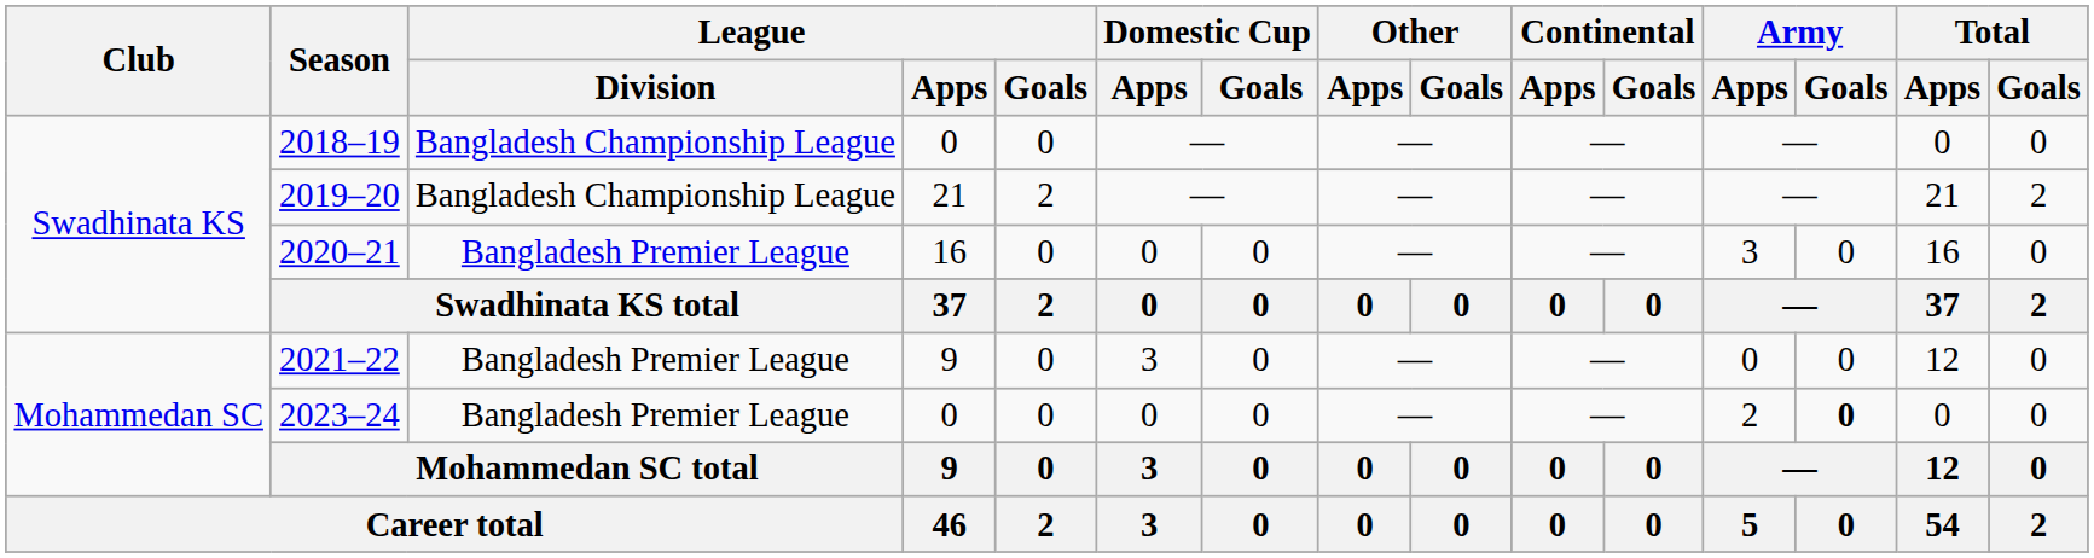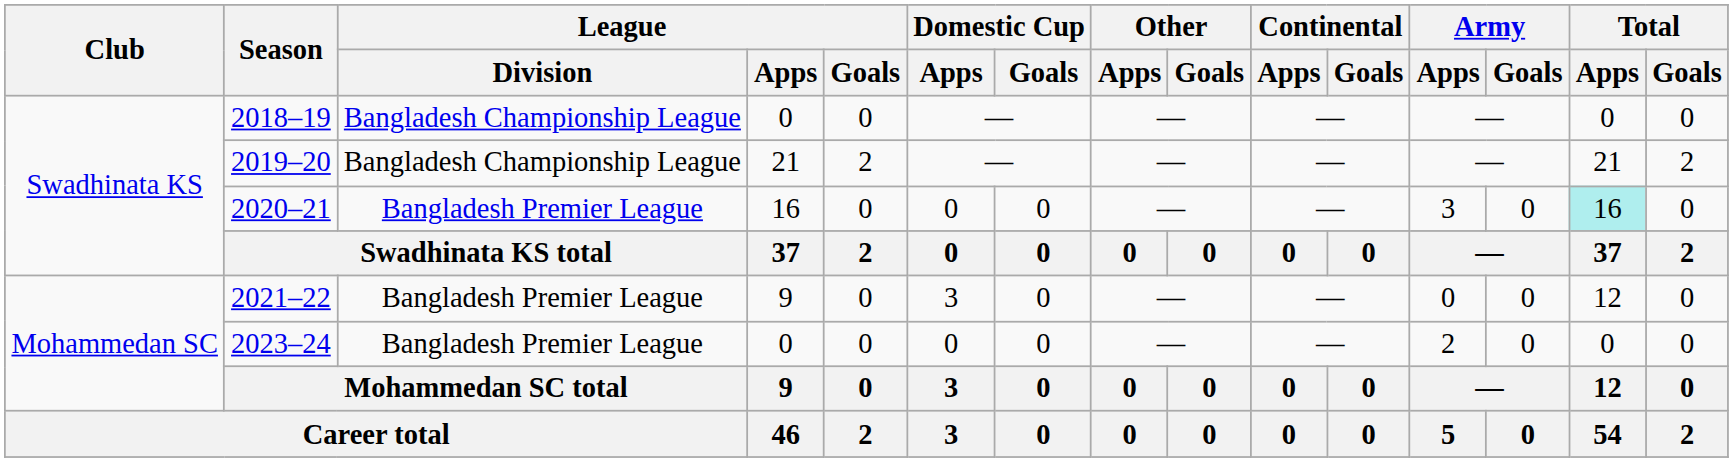 <table class="wikitable" style="text-align:center">
 <tr>
 <th rowspan="2">Club</th>
 <th rowspan="2">Season</th>
 <th colspan="3">League</th>
 <th colspan="2">Domestic Cup</th>
 <th colspan="2">Other</th>
 <th colspan="2">Continental</th>
 <th colspan="2"><a href='#'>Army</a></th>
 <th colspan="2">Total</th>
 </tr>
 <tr>
 <th>Division</th>
 <th>Apps</th>
 <th>Goals</th>
 <th>Apps</th>
 <th>Goals</th>
 <th>Apps</th>
 <th>Goals</th>
 <th>Apps</th>
 <th>Goals</th>
 <th>Apps</th>
 <th>Goals</th>
 <th>Apps</th>
 <th>Goals</th>
 </tr>
 <tr>
 <td rowspan=4><a href='#'>Swadhinata KS</a></td>
 <td><a href='#'>2018–19</a></td>
 <td><a href='#'>Bangladesh Championship League</a></td>
 <td>0</td>
 <td>0</td>
 <td colspan="2">—</td>
 <td colspan="2">—</td>
 <td colspan="2">—</td>
 <td colspan="2">—</td>
 <td>0</td>
 <td>0</td>
 </tr>
 <tr>
 <td><a href='#'>2019–20</a></td>
 <td>Bangladesh Championship League</td>
 <td>21</td>
 <td>2</td>
 <td colspan="2">—</td>
 <td colspan="2">—</td>
 <td colspan="2">—</td>
 <td colspan="2">—</td>
 <td>21</td>
 <td>2</td>
 </tr>
 <tr>
 <td><a href='#'>2020–21</a></td>
 <td><a href='#'>Bangladesh Premier League</a></td>
 <td>16</td>
 <td>0</td>
 <td>0</td>
 <td>0</td>
 <td colspan="2">—</td>
 <td colspan="2">—</td>
 <td>3</td>
 <td>0</td>
-<td>16</td>
+<td style="background: paleturquoise;">16</td>
 <td>0</td>
 </tr>
 <tr>
 <th colspan="2"><strong>Swadhinata KS total</strong></th>
 <th>37</th>
 <th>2</th>
 <th>0</th>
 <th>0</th>
 <th>0</th>
 <th>0</th>
 <th>0</th>
 <th>0</th>
 <th colspan="2">—</th>
 <th>37</th>
 <th>2</th>
 </tr>
 <tr>
 <td rowspan=3><a href='#'>Mohammedan SC</a></td>
 <td><a href='#'>2021–22</a></td>
 <td>Bangladesh Premier League</td>
 <td>9</td>
 <td>0</td>
 <td>3</td>
 <td>0</td>
 <td colspan="2">—</td>
 <td colspan="2">—</td>
 <td>0</td>
 <td>0</td>
 <td>12</td>
 <td>0</td>
 </tr>
 <tr>
 <td><a href='#'>2023–24</a></td>
 <td>Bangladesh Premier League</td>
 <td>0</td>
 <td>0</td>
 <td>0</td>
 <td>0</td>
 <td colspan="2">—</td>
 <td colspan="2">—</td>
 <td>2</td>
-<td><strong>0</strong></td>
+<td>0</td>
 <td>0</td>
 <td>0</td>
 </tr>
 <tr>
 <th colspan="2"><strong>Mohammedan SC total</strong></th>
 <th>9</th>
 <th>0</th>
 <th>3</th>
 <th>0</th>
 <th>0</th>
 <th>0</th>
 <th>0</th>
 <th>0</th>
 <th colspan="2">—</th>
 <th>12</th>
 <th>0</th>
 </tr>
 <tr>
 <th colspan="3">Career total</th>
 <th>46</th>
 <th>2</th>
 <th>3</th>
 <th>0</th>
 <th>0</th>
 <th>0</th>
 <th>0</th>
 <th>0</th>
 <th>5</th>
 <th>0</th>
 <th>54</th>
 <th>2</th>
 </tr>
 </table>
